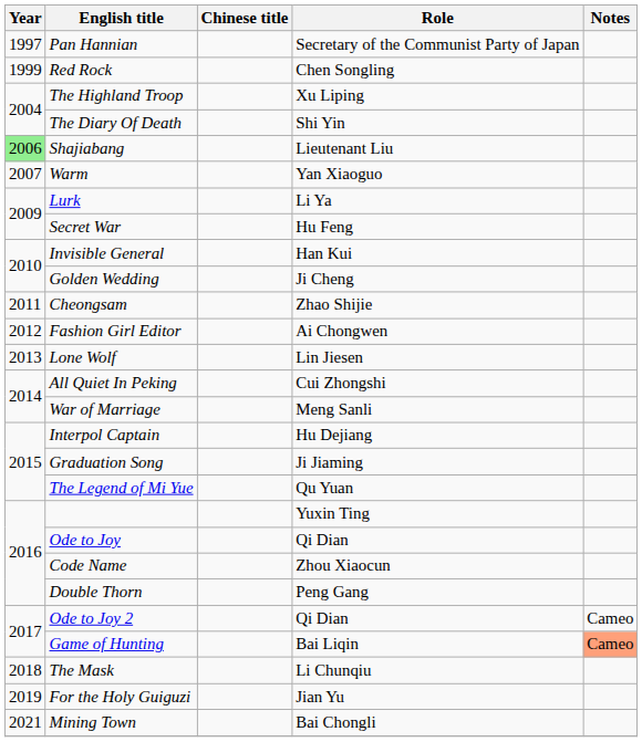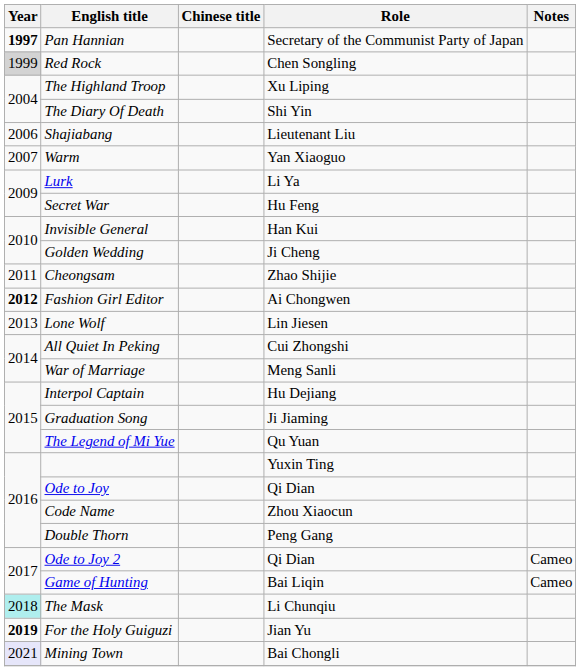 <table class="wikitable sortable">
 <tr>
 <th>Year</th>
 <th>English title</th>
 <th>Chinese title</th>
 <th>Role</th>
 <th class="unsortable">Notes</th>
 </tr>
 <tr>
-<td>1997</td>
+<td><strong>1997</strong></td>
 <td><em>Pan Hannian</em></td>
 <td></td>
 <td>Secretary of the Communist Party of Japan</td>
 <td></td>
 </tr>
 <tr>
-<td>1999</td>
+<td style="background: lightgrey;">1999</td>
 <td><em>Red Rock</em></td>
 <td></td>
 <td>Chen Songling</td>
 <td></td>
 </tr>
 <tr>
 <td rowspan="2">2004</td>
 <td><em>The Highland Troop</em></td>
 <td></td>
 <td>Xu Liping</td>
 <td></td>
 </tr>
 <tr>
 <td><em>The Diary Of Death</em></td>
 <td></td>
 <td>Shi Yin</td>
 <td></td>
 </tr>
 <tr>
-<td style="background: lightgreen;">2006</td>
+<td>2006</td>
 <td><em>Shajiabang</em></td>
 <td></td>
 <td>Lieutenant Liu</td>
 <td></td>
 </tr>
 <tr>
 <td>2007</td>
 <td><em>Warm</em></td>
 <td></td>
 <td>Yan Xiaoguo</td>
 <td></td>
 </tr>
 <tr>
 <td rowspan="2">2009</td>
 <td><em><a href='#'>Lurk</a></em></td>
 <td></td>
 <td>Li Ya</td>
 <td></td>
 </tr>
 <tr>
 <td><em>Secret War</em></td>
 <td></td>
 <td>Hu Feng</td>
 <td></td>
 </tr>
 <tr>
 <td rowspan="2">2010</td>
 <td><em>Invisible General</em></td>
 <td></td>
 <td>Han Kui</td>
 <td></td>
 </tr>
 <tr>
 <td><em>Golden Wedding</em></td>
 <td></td>
 <td>Ji Cheng</td>
 <td></td>
 </tr>
 <tr>
 <td>2011</td>
 <td><em>Cheongsam</em></td>
 <td></td>
 <td>Zhao Shijie</td>
 <td></td>
 </tr>
 <tr>
-<td>2012</td>
+<td><strong>2012</strong></td>
 <td><em>Fashion Girl Editor</em></td>
 <td></td>
 <td>Ai Chongwen</td>
 <td></td>
 </tr>
 <tr>
 <td>2013</td>
 <td><em>Lone Wolf</em></td>
 <td></td>
 <td>Lin Jiesen</td>
 <td></td>
 </tr>
 <tr>
 <td rowspan="2">2014</td>
 <td><em>All Quiet In Peking</em></td>
 <td></td>
 <td>Cui Zhongshi</td>
 <td></td>
 </tr>
 <tr>
 <td><em>War of Marriage</em></td>
 <td></td>
 <td>Meng Sanli</td>
 <td></td>
 </tr>
 <tr>
 <td rowspan="3">2015</td>
 <td><em>Interpol Captain</em></td>
 <td></td>
 <td>Hu Dejiang</td>
 <td></td>
 </tr>
 <tr>
 <td><em>Graduation Song</em></td>
 <td></td>
 <td>Ji Jiaming</td>
 <td></td>
 </tr>
 <tr>
 <td><em><a href='#'>The Legend of Mi Yue</a></em></td>
 <td></td>
 <td>Qu Yuan</td>
 <td></td>
 </tr>
 <tr>
 <td rowspan="4">2016</td>
 <td></td>
 <td></td>
 <td>Yuxin Ting</td>
 <td></td>
 </tr>
 <tr>
 <td><em><a href='#'>Ode to Joy</a></em></td>
 <td></td>
 <td>Qi Dian</td>
 <td></td>
 </tr>
 <tr>
 <td><em>Code Name</em></td>
 <td></td>
 <td>Zhou Xiaocun</td>
 <td></td>
 </tr>
 <tr>
 <td><em>Double Thorn</em></td>
 <td></td>
 <td>Peng Gang</td>
 <td></td>
 </tr>
 <tr>
 <td rowspan="2">2017</td>
 <td><em><a href='#'>Ode to Joy 2</a></em></td>
 <td></td>
 <td>Qi Dian</td>
 <td>Cameo</td>
 </tr>
 <tr>
 <td><em><a href='#'>Game of Hunting</a></em></td>
 <td></td>
 <td>Bai Liqin</td>
-<td style="background: lightsalmon;">Cameo</td>
+<td>Cameo</td>
 </tr>
 <tr>
-<td>2018</td>
+<td style="background: paleturquoise;">2018</td>
 <td><em>The Mask</em></td>
 <td></td>
 <td>Li Chunqiu</td>
 <td></td>
 </tr>
 <tr>
-<td>2019</td>
+<td><strong>2019</strong></td>
 <td><em>For the Holy Guiguzi</em></td>
 <td></td>
 <td>Jian Yu</td>
 <td></td>
 </tr>
 <tr>
-<td>2021</td>
+<td style="background: lavender;">2021</td>
 <td><em>Mining Town</em></td>
 <td></td>
 <td>Bai Chongli</td>
 <td></td>
 </tr>
 <tr>
 </tr>
 </table>
